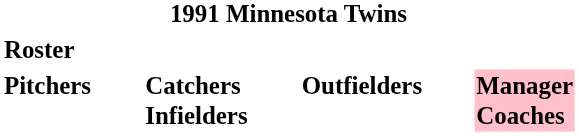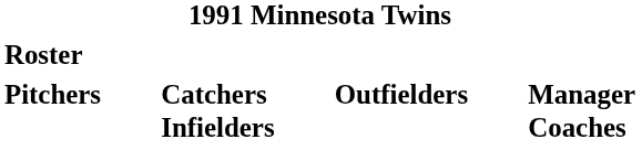 <table class="toccolours" style="font-size: 95%;">
 <tr>
 <th colspan="10">1991 Minnesota Twins</th>
 </tr>
 <tr>
 <td colspan="10"><strong>Roster</strong></td>
 </tr>
 <tr>
 <td valign="top"><strong>Pitchers</strong><br>               </td>
 <td width="25px"></td>
 <td valign="top"><strong>Catchers</strong><br>   <strong>Infielders</strong>     <br> </td>
 <td width="25px"></td>
 <td valign="top"><strong>Outfielders</strong><br>        </td>
 <td width="25px"></td>
-<td valign="top" style="background: pink;"><strong>Manager</strong><br> <strong>Coaches</strong>      </td>
+<td valign="top"><strong>Manager</strong><br> <strong>Coaches</strong>      </td>
 </tr>
 <tr>
 </tr>
 </table>
